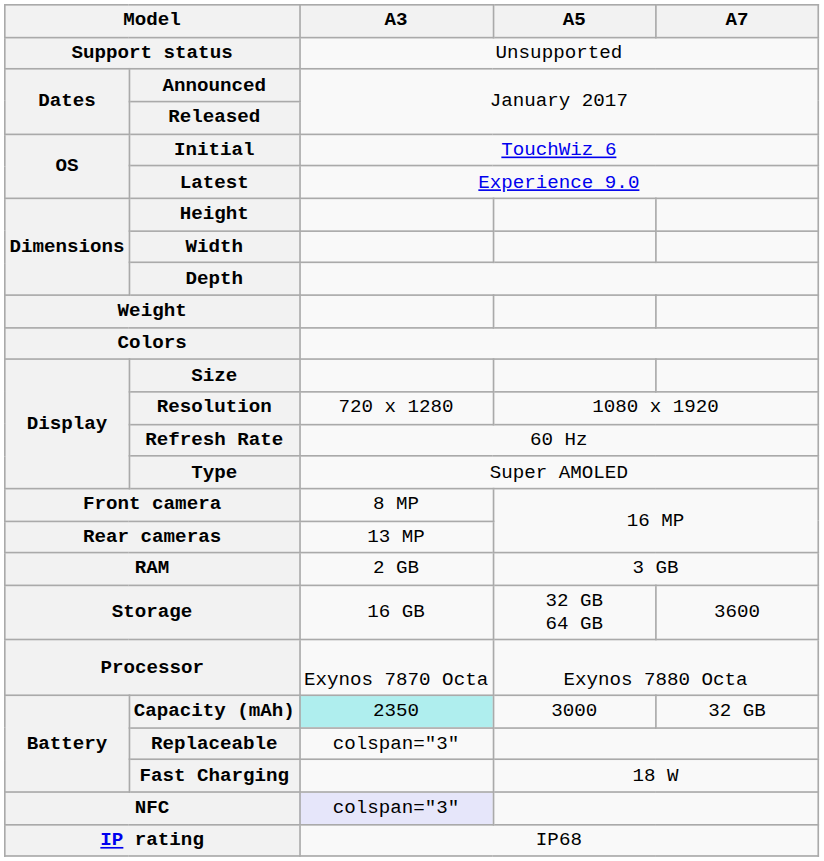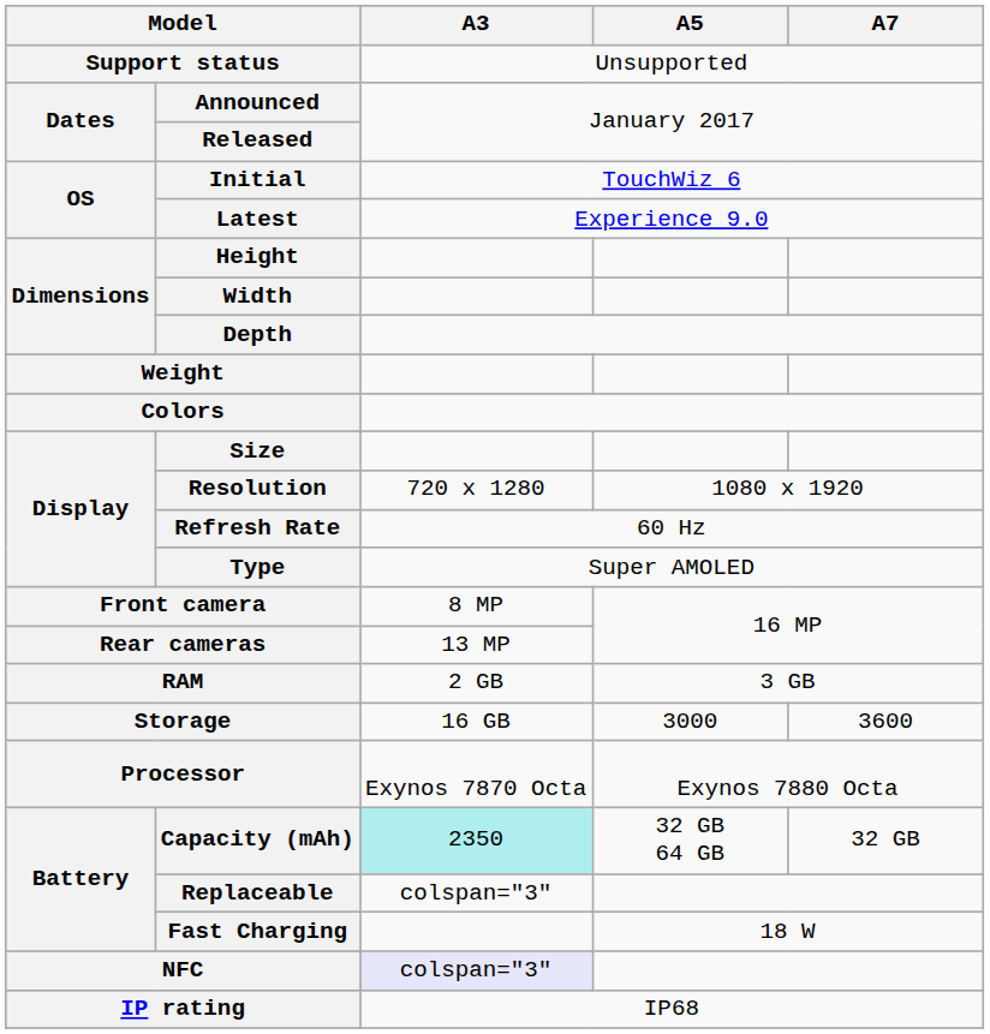 <table class="wikitable" style="text-align:center; font-size:90%;">
 <tr>
 <th colspan="2">Model</th>
 <th style="min-width: 8em">A3</th>
 <th style="min-width: 8em">A5</th>
 <th style="min-width: 8em">A7</th>
 </tr>
 <tr>
 <th colspan="2">Support status</th>
 <td colspan="3">Unsupported</td>
 </tr>
 <tr>
 <th rowspan="2">Dates</th>
 <th>Announced</th>
 <td colspan="3" rowspan="2">January 2017</td>
 </tr>
 <tr>
 <th>Released</th>
 </tr>
 <tr>
 <th rowspan="2">OS</th>
 <th>Initial</th>
 <td colspan="3"><a href='#'>TouchWiz 6</a><br></td>
 </tr>
 <tr>
 <th>Latest</th>
 <td colspan="3"><a href='#'>Experience 9.0</a><br></td>
 </tr>
 <tr>
 <th rowspan="3">Dimensions<br></th>
 <th>Height</th>
 <td></td>
 <td></td>
 <td></td>
 </tr>
 <tr>
 <th>Width</th>
 <td></td>
 <td></td>
 <td></td>
 </tr>
 <tr>
 <th>Depth</th>
 <td colspan="3"></td>
 </tr>
 <tr>
 <th colspan="2">Weight<br></th>
 <td></td>
 <td></td>
 <td></td>
 </tr>
 <tr>
 <th colspan="2">Colors</th>
 <td colspan="3">   </td>
 </tr>
 <tr>
 <th rowspan="4">Display</th>
 <th>Size</th>
 <td></td>
 <td></td>
 <td></td>
 </tr>
 <tr>
 <th>Resolution</th>
 <td>720 x 1280</td>
 <td colspan="2">1080 x 1920</td>
 </tr>
 <tr>
 <th>Refresh Rate</th>
 <td colspan="3">60 Hz</td>
 </tr>
 <tr>
 <th>Type</th>
 <td colspan="3">Super AMOLED</td>
 </tr>
 <tr>
 <th colspan="2">Front camera</th>
 <td>8 MP</td>
 <td colspan="2" rowspan="2">16 MP</td>
 </tr>
 <tr>
 <th colspan="2">Rear cameras</th>
 <td>13 MP</td>
 </tr>
 <tr>
 <th colspan="2">RAM</th>
 <td>2 GB</td>
 <td colspan="2">3 GB</td>
 </tr>
 <tr>
 <th colspan="2">Storage</th>
 <td>16 GB</td>
-<td>32 GB<br>64 GB</td>
+<td>3000</td>
 <td>3600</td>
 </tr>
 <tr>
 <th colspan="2">Processor</th>
 <td><br>Exynos 7870 Octa</td>
 <td colspan="2"><br>Exynos 7880 Octa</td>
 </tr>
 <tr>
 <th rowspan="3">Battery</th>
 <th>Capacity (mAh)</th>
 <td style="background: paleturquoise;">2350</td>
-<td>3000</td>
+<td>32 GB<br>64 GB</td>
 <td>32 GB</td>
 </tr>
 <tr>
 <th>Replaceable</th>
 <td>colspan="3" </td>
 </tr>
 <tr>
 <th>Fast Charging</th>
 <td></td>
 <td colspan="2">18 W</td>
 </tr>
 <tr>
 <th colspan="2">NFC</th>
 <td style="background: lavender;">colspan="3" </td>
 </tr>
 <tr>
 <th colspan="2"><a href='#'>IP</a> rating</th>
 <td colspan="3">IP68</td>
 </tr>
 </table>
